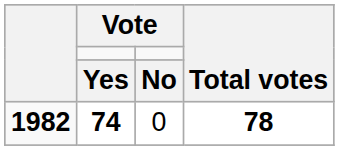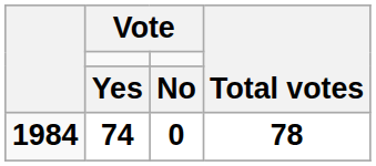 <table class=wikitable style="text-align:center">
 <tr style="vertical-align:bottom;">
 <th rowspan=3></th>
 <th colspan=2>Vote</th>
 <th rowspan=3>Total votes</th>
 </tr>
 <tr style="height:5px">
 <td style="background-color:"></td>
 <td style="background-color:"></td>
 </tr>
 <tr style="vertical-align:bottom;">
 <th>Yes</th>
 <th>No</th>
 </tr>
 <tr>
-<td><strong>1982</strong></td>
+<td><strong>1984</strong></td>
 <td style="background:#fff;"><strong>74</strong></td>
-<td style="background:#fff;">0</td>
+<td style="background:#fff;"><strong>0</strong></td>
 <td style="background:#fff;"><strong>78</strong></td>
 </tr>
 </table>
